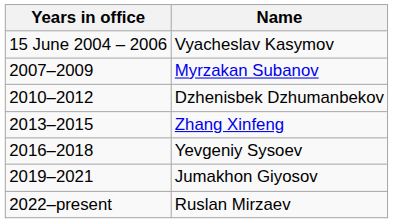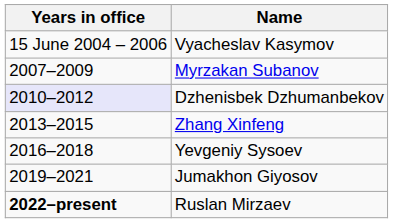 <table class="wikitable floatright" style="margin-left:1em; margin-top:0">
 <tr>
 <th>Years in office</th>
 <th>Name</th>
 </tr>
 <tr>
 <td>15 June 2004 – 2006</td>
 <td> Vyacheslav Kasymov</td>
 </tr>
 <tr>
 <td>2007–2009</td>
 <td> <a href='#'>Myrzakan Subanov</a></td>
 </tr>
 <tr>
-<td>2010–2012</td>
+<td style="background: lavender;">2010–2012</td>
 <td> Dzhenisbek Dzhumanbekov</td>
 </tr>
 <tr>
 <td>2013–2015</td>
 <td> <a href='#'>Zhang Xinfeng</a></td>
 </tr>
 <tr>
 <td>2016–2018</td>
 <td> Yevgeniy Sysoev</td>
 </tr>
 <tr>
 <td>2019–2021</td>
 <td> Jumakhon Giyosov</td>
 </tr>
 <tr>
-<td>2022–present</td>
+<td><strong>2022–present</strong></td>
 <td> Ruslan Mirzaev</td>
 </tr>
 </table>
